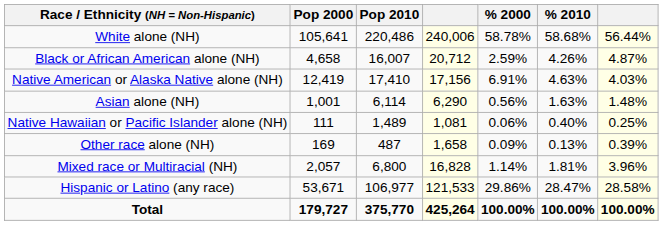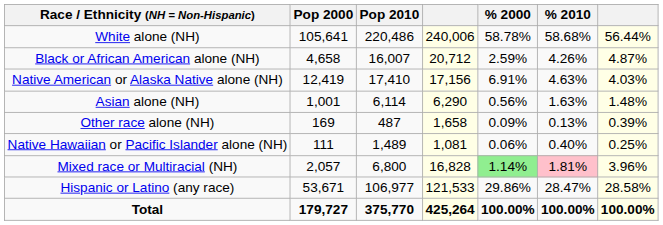 <table class="wikitable" style="text-align:center;">
 <tr>
 <th>Race / Ethnicity <small>(<em>NH = Non-Hispanic</em>)</small></th>
 <th>Pop 2000</th>
 <th>Pop 2010</th>
 <th></th>
 <th>% 2000</th>
 <th>% 2010</th>
 <th></th>
 </tr>
 <tr>
 <td><a href='#'>White</a> alone (NH)</td>
 <td>105,641</td>
 <td>220,486</td>
 <td style='background: #ffffe6;'>240,006</td>
 <td>58.78%</td>
 <td>58.68%</td>
 <td style='background: #ffffe6;'>56.44%</td>
 </tr>
 <tr>
 <td><a href='#'>Black or African American</a> alone (NH)</td>
 <td>4,658</td>
 <td>16,007</td>
 <td style='background: #ffffe6;'>20,712</td>
 <td>2.59%</td>
 <td>4.26%</td>
 <td style='background: #ffffe6;'>4.87%</td>
 </tr>
 <tr>
 <td><a href='#'>Native American</a> or <a href='#'>Alaska Native</a> alone (NH)</td>
 <td>12,419</td>
 <td>17,410</td>
 <td style='background: #ffffe6;'>17,156</td>
 <td>6.91%</td>
 <td>4.63%</td>
 <td style='background: #ffffe6;'>4.03%</td>
 </tr>
 <tr>
 <td><a href='#'>Asian</a> alone (NH)</td>
 <td>1,001</td>
 <td>6,114</td>
 <td style='background: #ffffe6;'>6,290</td>
 <td>0.56%</td>
 <td>1.63%</td>
 <td style='background: #ffffe6;'>1.48%</td>
 </tr>
 <tr>
+<td><a href='#'>Other race</a> alone (NH)</td>
+<td>169</td>
+<td>487</td>
+<td style='background: #ffffe6;'>1,658</td>
+<td>0.09%</td>
+<td>0.13%</td>
+<td style='background: #ffffe6;'>0.39%</td>
+</tr>
+<tr>
 <td><a href='#'>Native Hawaiian</a> or <a href='#'>Pacific Islander</a> alone (NH)</td>
 <td>111</td>
 <td>1,489</td>
 <td style='background: #ffffe6;'>1,081</td>
 <td>0.06%</td>
 <td>0.40%</td>
 <td style='background: #ffffe6;'>0.25%</td>
 </tr>
 <tr>
-<td><a href='#'>Other race</a> alone (NH)</td>
-<td>169</td>
-<td>487</td>
-<td style='background: #ffffe6;'>1,658</td>
-<td>0.09%</td>
-<td>0.13%</td>
-<td style='background: #ffffe6;'>0.39%</td>
-</tr>
-<tr>
 <td><a href='#'>Mixed race or Multiracial</a> (NH)</td>
 <td>2,057</td>
 <td>6,800</td>
 <td style='background: #ffffe6;'>16,828</td>
-<td>1.14%</td>
-<td>1.81%</td>
+<td style="background: lightgreen;">1.14%</td>
+<td style="background: pink;">1.81%</td>
 <td style='background: #ffffe6;'>3.96%</td>
 </tr>
 <tr>
 <td><a href='#'>Hispanic or Latino</a> (any race)</td>
 <td>53,671</td>
 <td>106,977</td>
 <td style='background: #ffffe6;'>121,533</td>
 <td>29.86%</td>
 <td>28.47%</td>
 <td style='background: #ffffe6;'>28.58%</td>
 </tr>
 <tr>
 <td><strong>Total</strong></td>
 <td><strong>179,727</strong></td>
 <td><strong>375,770</strong></td>
 <td style='background: #ffffe6;'><strong>425,264</strong></td>
 <td><strong>100.00%</strong></td>
 <td><strong>100.00%</strong></td>
 <td style='background: #ffffe6;'><strong>100.00%</strong></td>
 </tr>
 </table>
